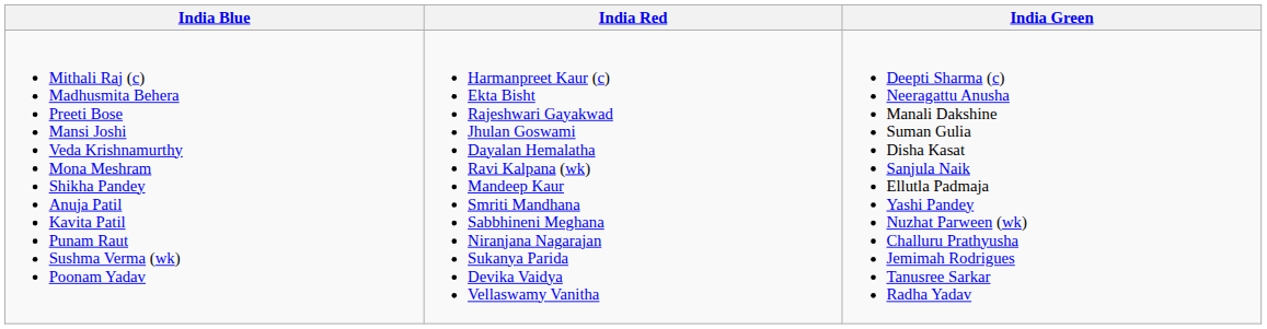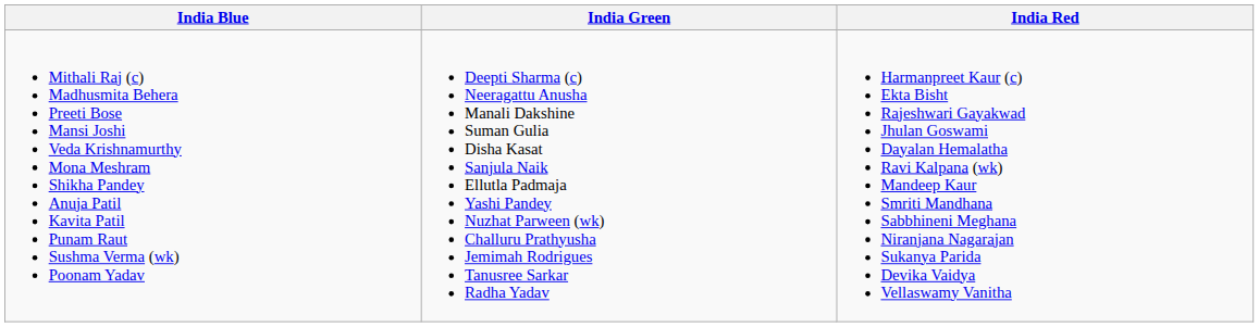 <table class="wikitable">
 <tr>
 <th style="width:15%;"><a href='#'>India Blue</a></th>
+<th style="width:15%;"><a href='#'>India Green</a></th>
 <th style="width:15%;"><a href='#'>India Red</a></th>
-<th style="width:15%;"><a href='#'>India Green</a></th>
 </tr>
 <tr style="vertical-align:top">
 <td><br><ul><li><a href='#'>Mithali Raj</a> (<a href='#'>c</a>)</li><li><a href='#'>Madhusmita Behera</a></li><li><a href='#'>Preeti Bose</a></li><li><a href='#'>Mansi Joshi</a></li><li><a href='#'>Veda Krishnamurthy</a></li><li><a href='#'>Mona Meshram</a></li><li><a href='#'>Shikha Pandey</a></li><li><a href='#'>Anuja Patil</a></li><li><a href='#'>Kavita Patil</a></li><li><a href='#'>Punam Raut</a></li><li><a href='#'>Sushma Verma</a> (<a href='#'>wk</a>)</li><li><a href='#'>Poonam Yadav</a></li></ul></td>
+<td><br><ul><li><a href='#'>Deepti Sharma</a> (<a href='#'>c</a>)</li><li><a href='#'>Neeragattu Anusha</a></li><li>Manali Dakshine</li><li>Suman Gulia</li><li>Disha Kasat</li><li><a href='#'>Sanjula Naik</a></li><li>Ellutla Padmaja</li><li><a href='#'>Yashi Pandey</a></li><li><a href='#'>Nuzhat Parween</a> (<a href='#'>wk</a>)</li><li><a href='#'>Challuru Prathyusha</a></li><li><a href='#'>Jemimah Rodrigues</a></li><li><a href='#'>Tanusree Sarkar</a></li><li><a href='#'>Radha Yadav</a></li></ul></td>
 <td><br><ul><li><a href='#'>Harmanpreet Kaur</a> (<a href='#'>c</a>)</li><li><a href='#'>Ekta Bisht</a></li><li><a href='#'>Rajeshwari Gayakwad</a></li><li><a href='#'>Jhulan Goswami</a></li><li><a href='#'>Dayalan Hemalatha</a></li><li><a href='#'>Ravi Kalpana</a> (<a href='#'>wk</a>)</li><li><a href='#'>Mandeep Kaur</a></li><li><a href='#'>Smriti Mandhana</a></li><li><a href='#'>Sabbhineni Meghana</a></li><li><a href='#'>Niranjana Nagarajan</a></li><li><a href='#'>Sukanya Parida</a></li><li><a href='#'>Devika Vaidya</a></li><li><a href='#'>Vellaswamy Vanitha</a></li></ul></td>
-<td><br><ul><li><a href='#'>Deepti Sharma</a> (<a href='#'>c</a>)</li><li><a href='#'>Neeragattu Anusha</a></li><li>Manali Dakshine</li><li>Suman Gulia</li><li>Disha Kasat</li><li><a href='#'>Sanjula Naik</a></li><li>Ellutla Padmaja</li><li><a href='#'>Yashi Pandey</a></li><li><a href='#'>Nuzhat Parween</a> (<a href='#'>wk</a>)</li><li><a href='#'>Challuru Prathyusha</a></li><li><a href='#'>Jemimah Rodrigues</a></li><li><a href='#'>Tanusree Sarkar</a></li><li><a href='#'>Radha Yadav</a></li></ul></td>
 </tr>
 </table>
